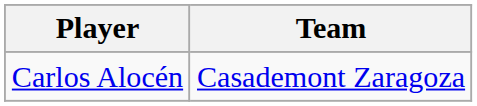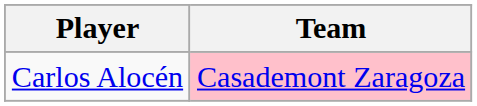 <table class="wikitable">
 <tr>
 <th style="text-align:center;">Player</th>
 <th style="text-align:center;">Team</th>
 </tr>
 <tr>
 <td> <a href='#'>Carlos Alocén</a></td>
-<td><a href='#'>Casademont Zaragoza</a></td>
+<td style="background: pink;"><a href='#'>Casademont Zaragoza</a></td>
 </tr>
 </table>
